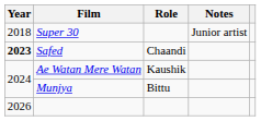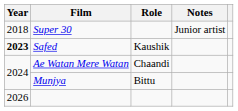 <table class="wikitable">
 <tr>
 <th>Year</th>
 <th>Film</th>
 <th>Role</th>
 <th>Notes</th>
 <th></th>
 </tr>
 <tr>
 <td>2018</td>
 <td><em><a href='#'>Super 30</a></em></td>
 <td></td>
 <td>Junior artist</td>
 <td></td>
 </tr>
 <tr>
 <td><strong>2023</strong></td>
 <td><em><a href='#'>Safed</a></em></td>
-<td>Chaandi</td>
+<td>Kaushik</td>
 <td></td>
 <td></td>
 </tr>
 <tr>
 <td rowspan="2">2024</td>
 <td><em><a href='#'>Ae Watan Mere Watan</a></em></td>
-<td>Kaushik</td>
+<td>Chaandi</td>
 <td></td>
 <td></td>
 </tr>
 <tr>
 <td><em><a href='#'>Munjya</a></em></td>
 <td>Bittu</td>
 <td></td>
 <td></td>
 </tr>
 <tr>
 <td>2026</td>
 <td></td>
 <td></td>
 <td></td>
 <td style="text-align: center;"></td>
 </tr>
 </table>
